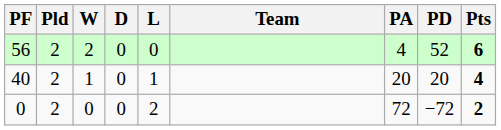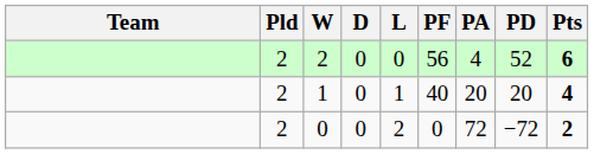 <table class="wikitable" style="text-align:center;">
 <tr>
-<th width=20 abbr="Points for">PF</th>
+<th width=175>Team</th>
 <th width=20 abbr="Played">Pld</th>
 <th width=20 abbr="Won">W</th>
 <th width=20 abbr="Drawn">D</th>
 <th width=20 abbr="Lost">L</th>
-<th width=175>Team</th>
+<th width=20 abbr="Points for">PF</th>
 <th width=20 abbr="Points against">PA</th>
 <th width=30 abbr="Points difference">PD</th>
 <th width=20 abbr="Points">Pts</th>
 </tr>
 <tr bgcolor=ccffcc>
-<td>56</td>
+<td align=left></td>
 <td>2</td>
 <td>2</td>
 <td>0</td>
 <td>0</td>
-<td align=left></td>
+<td>56</td>
 <td>4</td>
 <td>52</td>
 <td><strong> 6 </strong></td>
 </tr>
 <tr>
-<td>40</td>
+<td align=left></td>
 <td>2</td>
 <td>1</td>
 <td>0</td>
 <td>1</td>
-<td align=left></td>
+<td>40</td>
 <td>20</td>
 <td>20</td>
 <td><strong> 4 </strong></td>
 </tr>
 <tr>
-<td>0</td>
+<td align=left></td>
 <td>2</td>
 <td>0</td>
 <td>0</td>
 <td>2</td>
-<td align=left></td>
+<td>0</td>
 <td>72</td>
 <td>−72</td>
 <td><strong> 2 </strong></td>
 </tr>
 </table>
